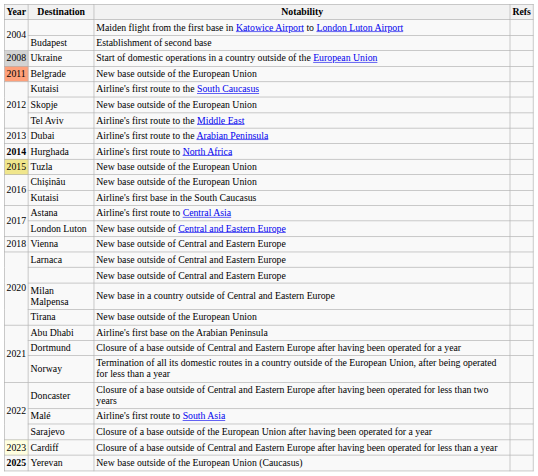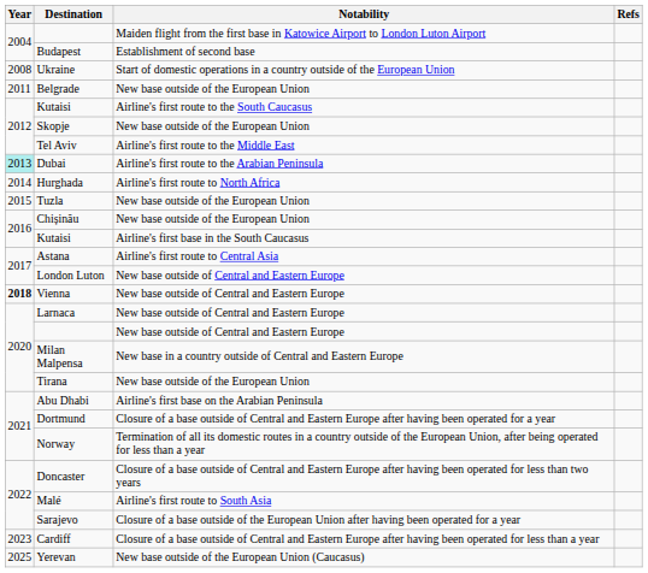 <table class="wikitable">
 <tr>
 <th>Year</th>
 <th>Destination</th>
 <th>Notability</th>
 <th>Refs</th>
 </tr>
 <tr>
 <td rowspan="2">2004</td>
 <td></td>
 <td>Maiden flight from the first base in <a href='#'>Katowice Airport</a> to <a href='#'>London Luton Airport</a></td>
 <td></td>
 </tr>
 <tr>
 <td>Budapest</td>
 <td>Establishment of second base</td>
 <td></td>
 </tr>
 <tr>
-<td style="background: lightgrey;">2008</td>
+<td>2008</td>
 <td>Ukraine</td>
 <td>Start of domestic operations in a country outside of the <a href='#'>European Union</a></td>
 <td></td>
 </tr>
 <tr>
-<td style="background: lightsalmon;">2011</td>
+<td>2011</td>
 <td>Belgrade</td>
 <td>New base outside of the European Union</td>
 <td></td>
 </tr>
 <tr>
 <td rowspan="3">2012</td>
 <td>Kutaisi</td>
 <td>Airline's first route to the <a href='#'>South Caucasus</a></td>
 <td></td>
 </tr>
 <tr>
 <td>Skopje</td>
 <td>New base outside of the European Union</td>
 <td></td>
 </tr>
 <tr>
 <td>Tel Aviv</td>
 <td>Airline's first route to the <a href='#'>Middle East</a></td>
 <td></td>
 </tr>
 <tr>
-<td>2013</td>
+<td style="background: paleturquoise;">2013</td>
 <td>Dubai</td>
 <td>Airline's first route to the <a href='#'>Arabian Peninsula</a></td>
 <td></td>
 </tr>
 <tr>
-<td><strong>2014</strong></td>
+<td>2014</td>
 <td>Hurghada</td>
 <td>Airline's first route to <a href='#'>North Africa</a></td>
 <td></td>
 </tr>
 <tr>
-<td style="background: khaki;">2015</td>
+<td>2015</td>
 <td>Tuzla</td>
 <td>New base outside of the European Union</td>
 <td></td>
 </tr>
 <tr>
 <td rowspan="2">2016</td>
 <td>Chișinău</td>
 <td>New base outside of the European Union</td>
 <td></td>
 </tr>
 <tr>
 <td>Kutaisi</td>
 <td>Airline's first base in the South Caucasus</td>
 <td></td>
 </tr>
 <tr>
 <td rowspan="2">2017</td>
 <td>Astana</td>
 <td>Airline's first route to <a href='#'>Central Asia</a></td>
 <td></td>
 </tr>
 <tr>
 <td>London Luton</td>
 <td>New base outside of <a href='#'>Central and Eastern Europe</a></td>
 <td></td>
 </tr>
 <tr>
-<td>2018</td>
+<td><strong>2018</strong></td>
 <td>Vienna</td>
 <td>New base outside of Central and Eastern Europe</td>
 <td></td>
 </tr>
 <tr>
 <td rowspan="4">2020</td>
 <td>Larnaca</td>
 <td>New base outside of Central and Eastern Europe</td>
 <td></td>
 </tr>
 <tr>
 <td></td>
 <td>New base outside of Central and Eastern Europe</td>
 <td></td>
 </tr>
 <tr>
 <td>Milan Malpensa</td>
 <td>New base in a country outside of Central and Eastern Europe</td>
 <td></td>
 </tr>
 <tr>
 <td>Tirana</td>
 <td>New base outside of the European Union</td>
 <td></td>
 </tr>
 <tr>
 <td rowspan="3">2021</td>
 <td>Abu Dhabi</td>
 <td>Airline's first base on the Arabian Peninsula</td>
 <td></td>
 </tr>
 <tr>
 <td>Dortmund</td>
 <td>Closure of a base outside of Central and Eastern Europe after having been operated for a year</td>
 <td></td>
 </tr>
 <tr>
 <td>Norway</td>
 <td>Termination of all its domestic routes in a country outside of the European Union, after being operated for less than a year</td>
 <td></td>
 </tr>
 <tr>
 <td rowspan="3">2022</td>
 <td>Doncaster</td>
 <td>Closure of a base outside of Central and Eastern Europe after having been operated for less than two years</td>
 <td></td>
 </tr>
 <tr>
 <td>Malé</td>
 <td>Airline's first route to <a href='#'>South Asia</a></td>
 <td></td>
 </tr>
 <tr>
 <td>Sarajevo</td>
 <td>Closure of a base outside of the European Union after having been operated for a year</td>
 <td></td>
 </tr>
 <tr>
-<td style="background: lightyellow;">2023</td>
+<td>2023</td>
 <td>Cardiff</td>
 <td>Closure of a base outside of Central and Eastern Europe after having been operated for less than a year</td>
 <td></td>
 </tr>
 <tr>
-<td><strong>2025</strong></td>
+<td>2025</td>
 <td>Yerevan</td>
 <td>New base outside of the European Union (Caucasus)</td>
 <td></td>
 </tr>
 </table>
